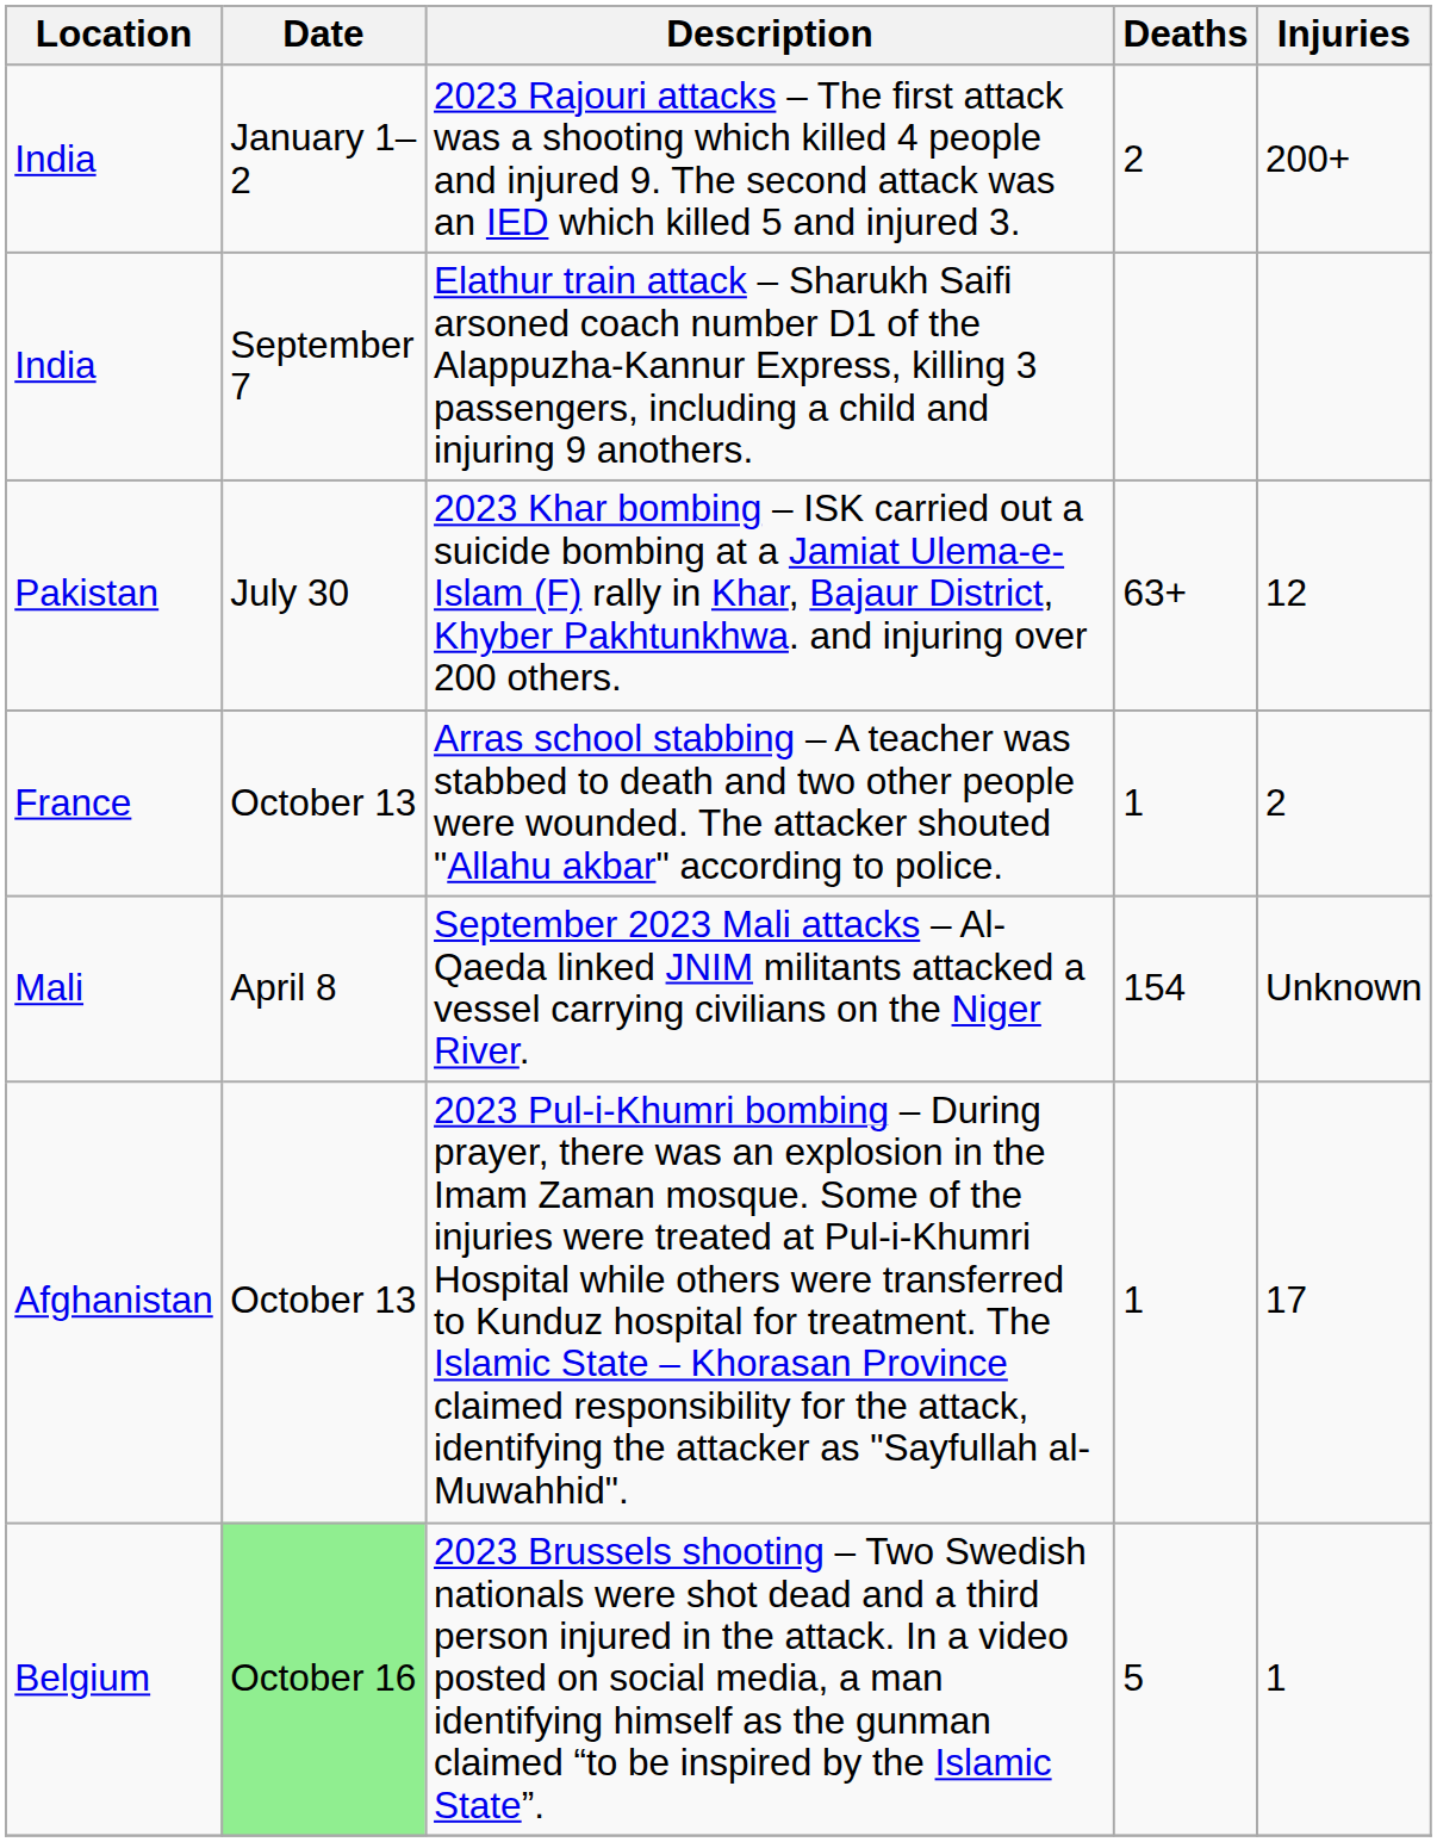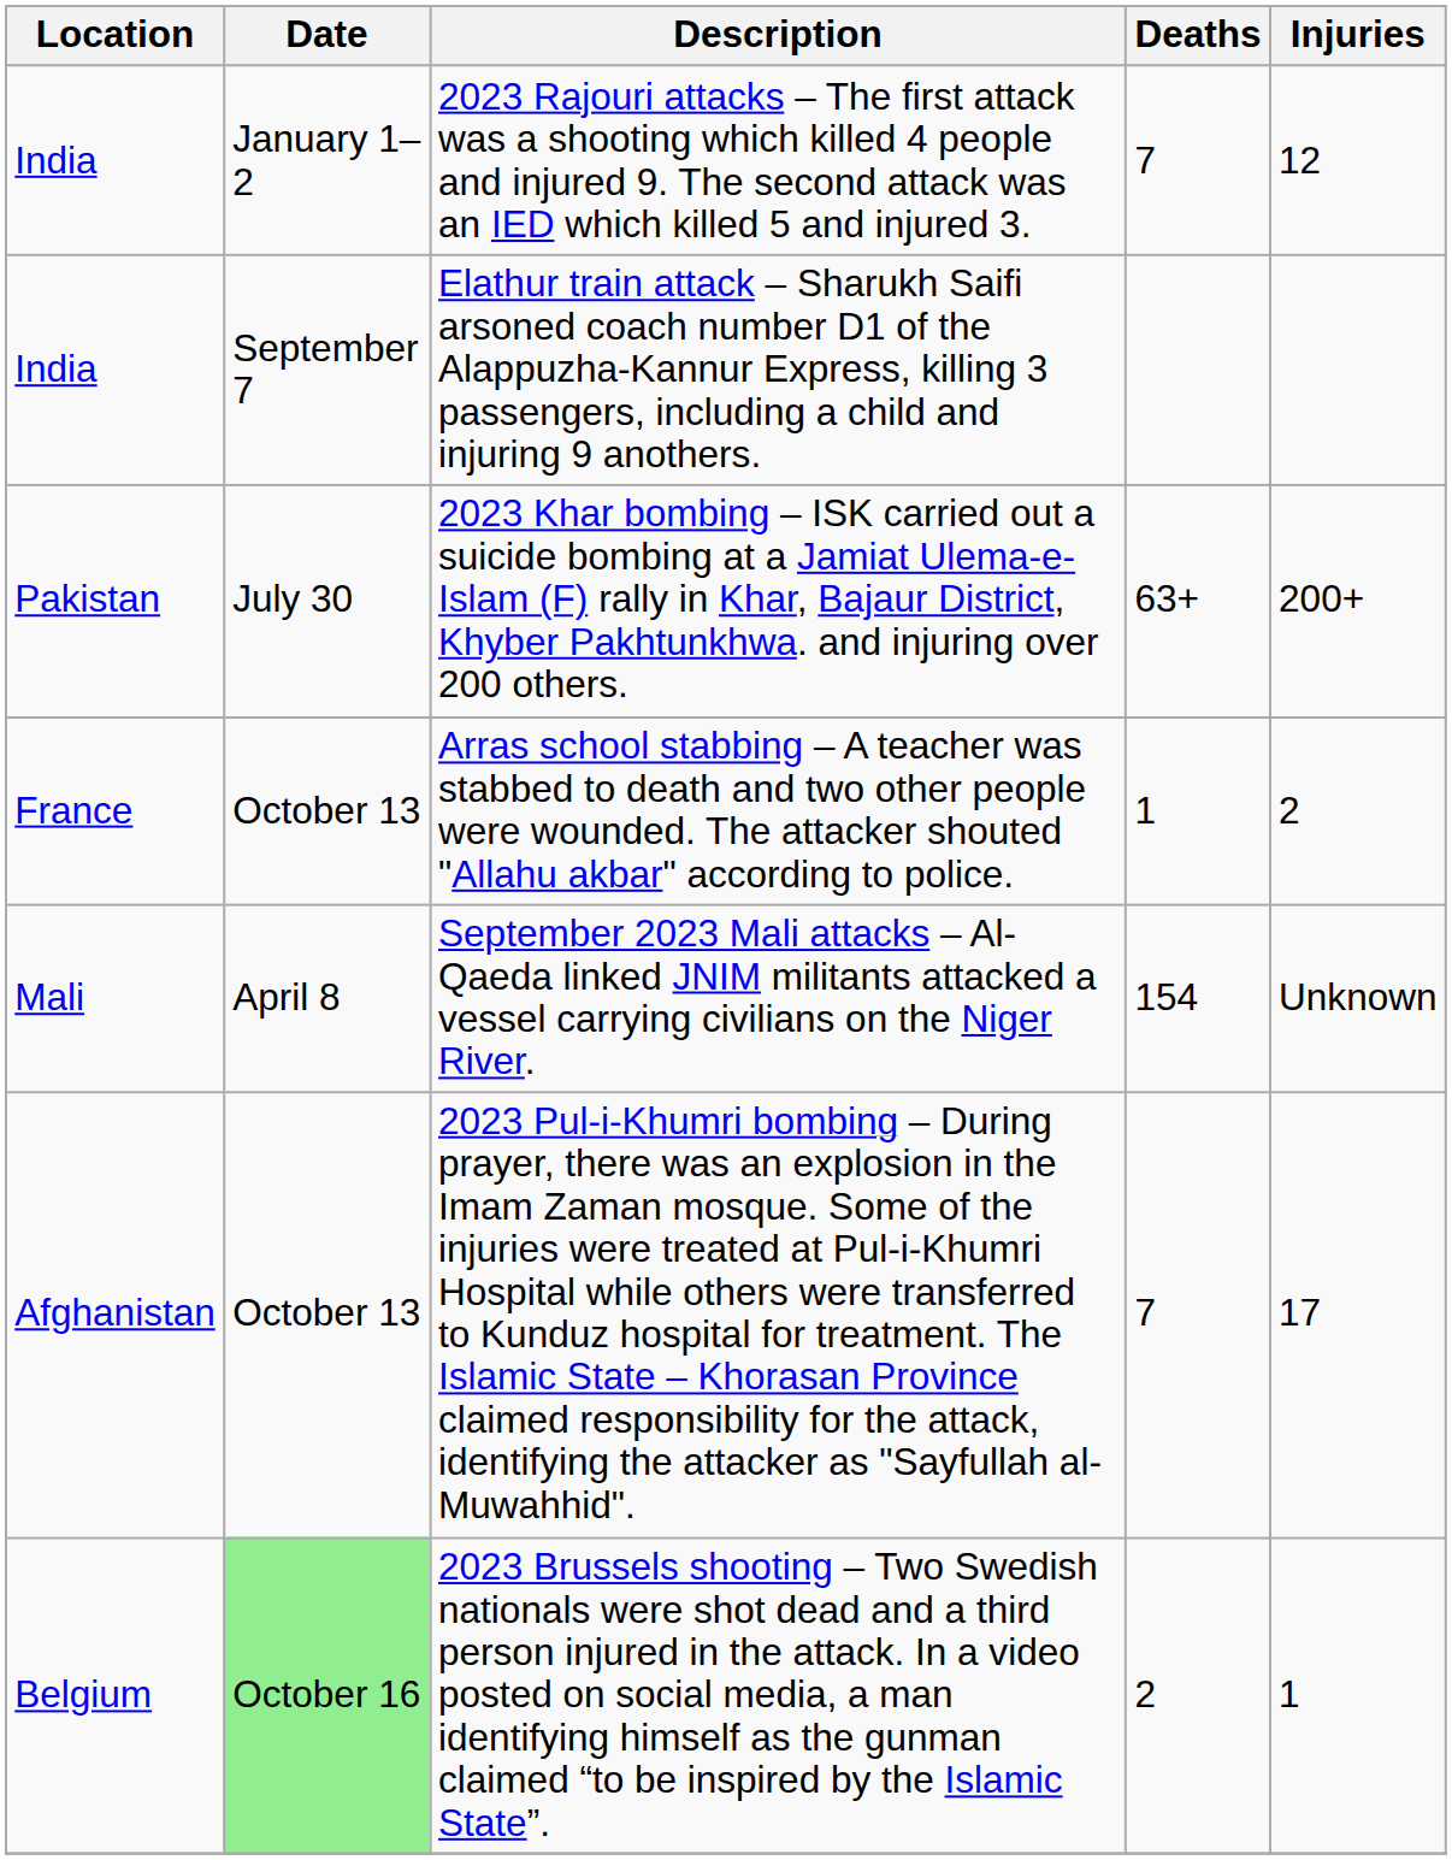 <table class="wikitable sortable">
 <tr>
 <th scope="col">Location</th>
 <th scope="col" data-sort-type="date">Date</th>
 <th scope="col" class="unsortable">Description</th>
 <th scope="col" data-sort-type="number">Deaths</th>
 <th scope="col" data-sort-type="number">Injuries</th>
 </tr>
 <tr>
 <td><a href='#'>India</a></td>
 <td>January 1–2</td>
 <td><a href='#'>2023 Rajouri attacks</a> – The first attack was a shooting which killed 4 people and injured 9. The second attack was an <a href='#'>IED</a> which killed 5 and injured 3.</td>
-<td>2</td>
-<td>200+</td>
+<td>7</td>
+<td>12</td>
 </tr>
 <tr>
 <td><a href='#'>India</a></td>
 <td>September 7</td>
 <td><a href='#'>Elathur train attack</a> – Sharukh Saifi arsoned coach number D1 of the Alappuzha-Kannur Express, killing 3 passengers, including a child and injuring 9 anothers.</td>
 <td></td>
 <td></td>
 </tr>
 <tr>
 <td><a href='#'>Pakistan</a></td>
 <td>July 30</td>
 <td><a href='#'>2023 Khar bombing</a> – ISK carried out a suicide bombing at a <a href='#'>Jamiat Ulema-e-Islam (F)</a> rally in <a href='#'>Khar</a>, <a href='#'>Bajaur District</a>, <a href='#'>Khyber Pakhtunkhwa</a>. and injuring over 200 others.</td>
 <td>63+</td>
-<td>12</td>
+<td>200+</td>
 </tr>
 <tr>
 <td><a href='#'>France</a></td>
 <td>October 13</td>
 <td><a href='#'>Arras school stabbing</a> – A teacher was stabbed to death and two other people were wounded. The attacker shouted "<a href='#'>Allahu akbar</a>" according to police.</td>
 <td>1</td>
 <td>2</td>
 </tr>
 <tr>
 <td><a href='#'>Mali</a></td>
 <td>April 8</td>
 <td><a href='#'>September 2023 Mali attacks</a> – Al-Qaeda linked <a href='#'>JNIM</a> militants attacked a vessel carrying civilians on the <a href='#'>Niger River</a>.</td>
 <td>154</td>
 <td>Unknown</td>
 </tr>
 <tr>
 <td><a href='#'>Afghanistan</a></td>
 <td>October 13</td>
 <td><a href='#'>2023 Pul-i-Khumri bombing</a> – During prayer, there was an explosion in the Imam Zaman mosque. Some of the injuries were treated at Pul-i-Khumri Hospital while others were transferred to Kunduz hospital for treatment. The <a href='#'>Islamic State – Khorasan Province</a> claimed responsibility for the attack, identifying the attacker as "Sayfullah al-Muwahhid".</td>
-<td>1</td>
+<td>7</td>
 <td>17</td>
 </tr>
 <tr>
 <td><a href='#'>Belgium</a></td>
 <td style="background: lightgreen;">October 16</td>
 <td><a href='#'>2023 Brussels shooting</a> – Two Swedish nationals were shot dead and a third person injured in the attack. In a video posted on social media, a man identifying himself as the gunman claimed “to be inspired by the <a href='#'>Islamic State</a>”.</td>
-<td>5</td>
+<td>2</td>
 <td>1</td>
 </tr>
 <tr>
 </tr>
 </table>
